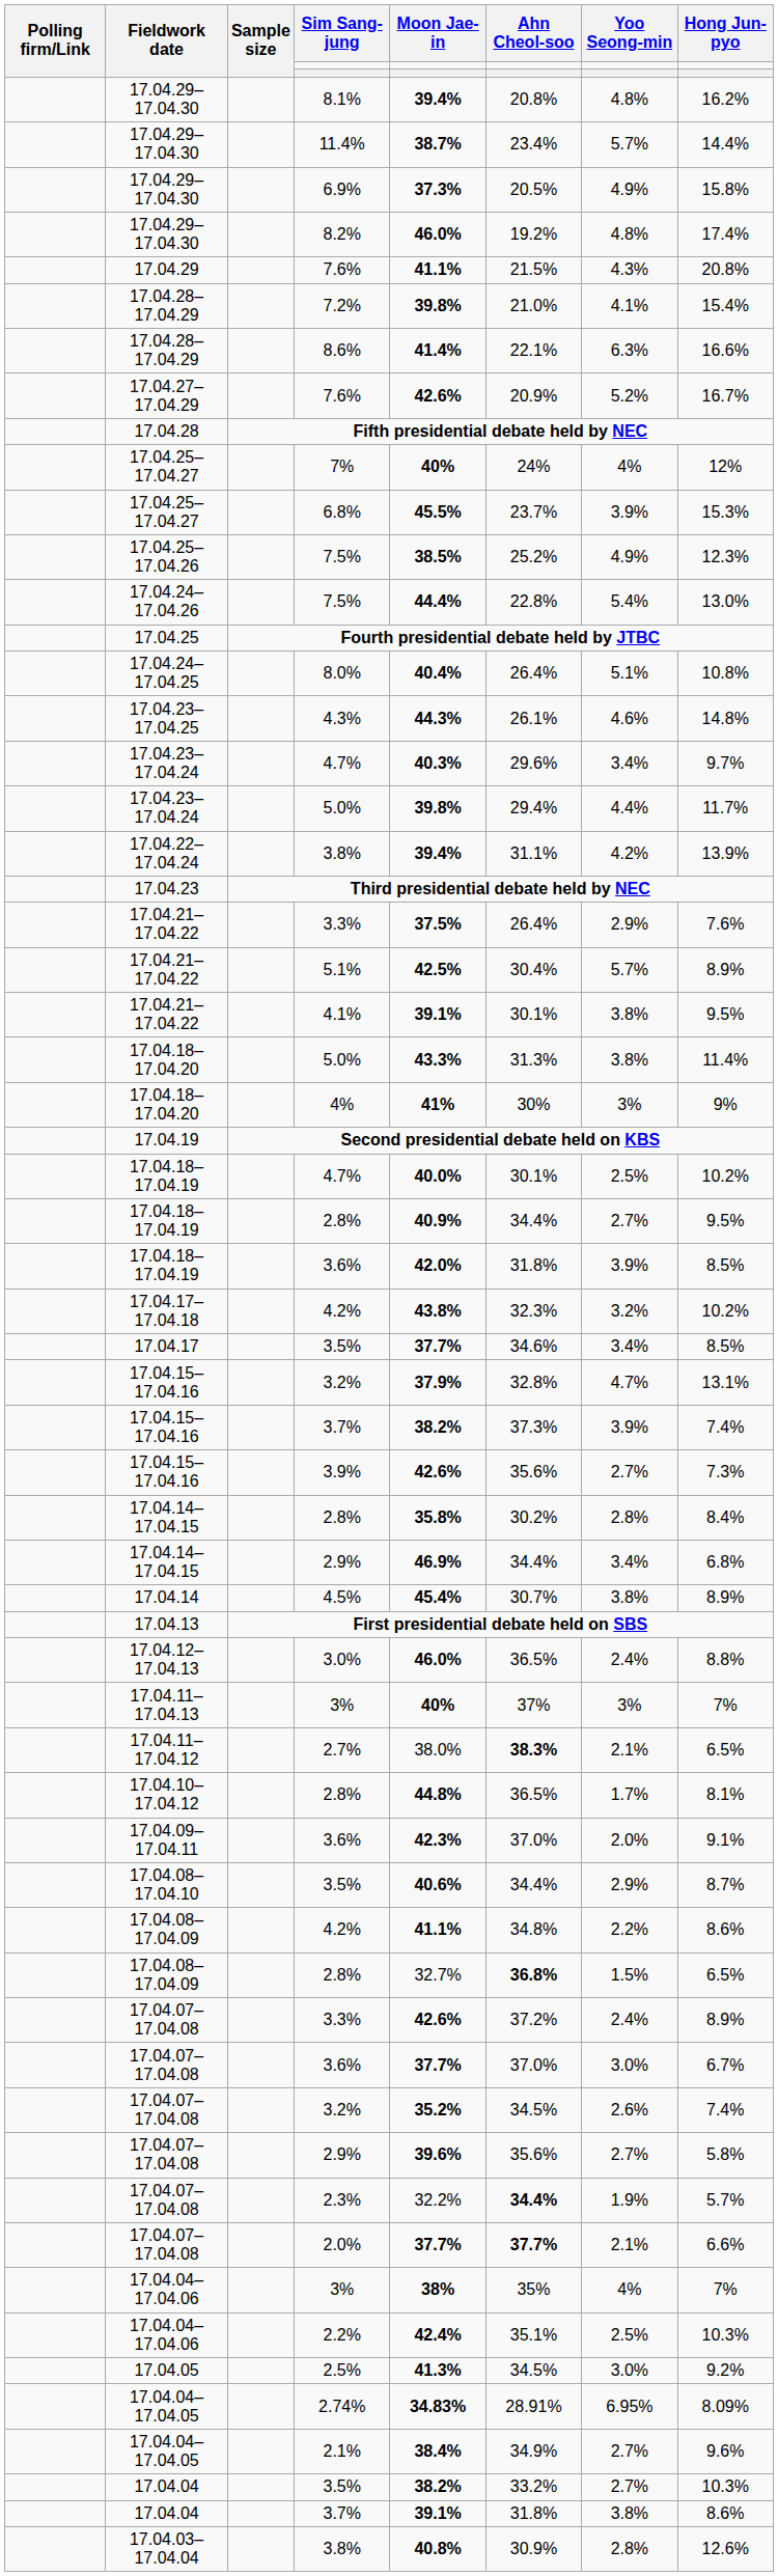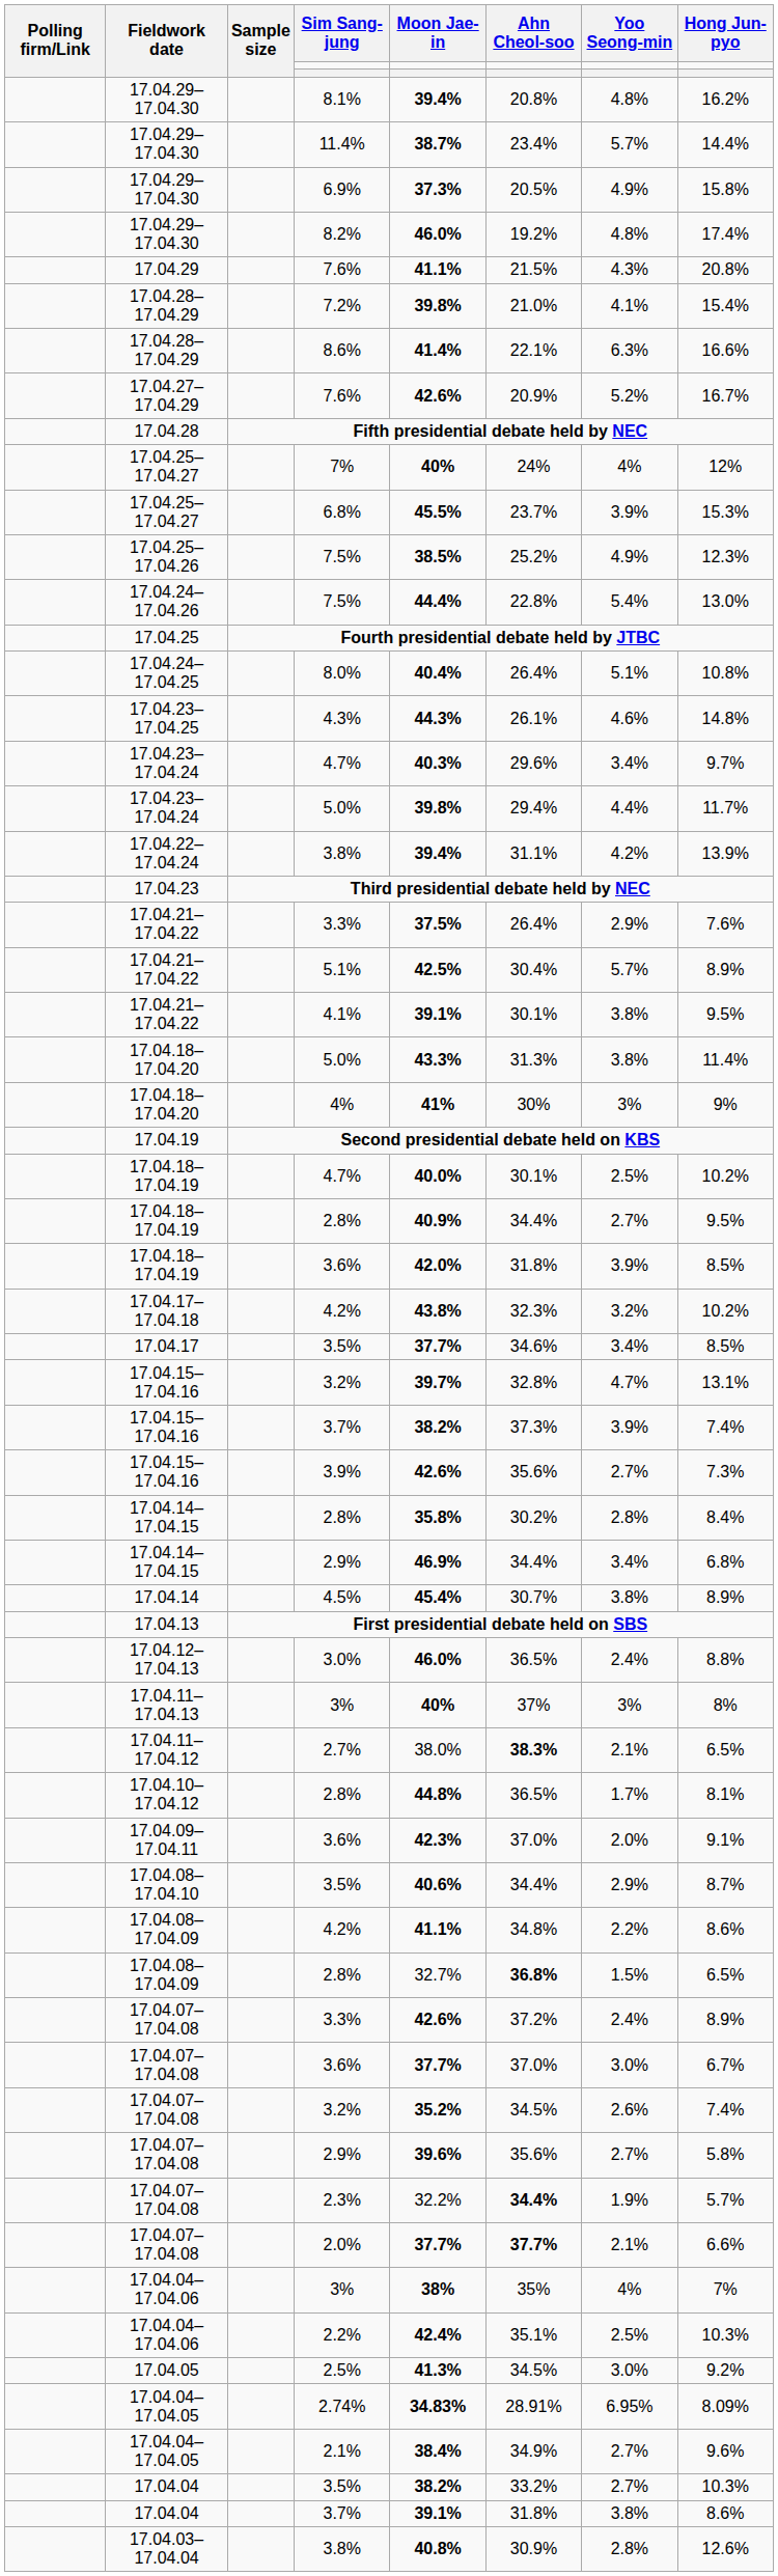 <table class="wikitable mw-collapsible mw-collapsed" style="text-align:center">
 <tr style="height:55px; background:#e9e9e9;">
 <th style="width:90px;" rowspan="3">Polling firm/Link</th>
 <th style="width:110px;" rowspan="3">Fieldwork date</th>
 <th style="width:35px;" rowspan="3">Sample<br>size</th>
 <th style="width:85px;"><a href='#'>Sim Sang-jung</a></th>
 <th style="width:85px;"><a href='#'>Moon Jae-in</a></th>
 <th style="width:85px;"><a href='#'>Ahn Cheol-soo</a></th>
 <th style="width:85px;"><a href='#'>Yoo Seong-min</a></th>
 <th style="width:85px;"><a href='#'>Hong Jun-pyo</a></th>
 </tr>
 <tr>
 <td></td>
 <td></td>
 <td></td>
 <td></td>
 <td></td>
 </tr>
 <tr>
 <th></th>
 <th></th>
 <th></th>
 <th></th>
 <th></th>
 </tr>
 <tr>
 <td></td>
 <td>17.04.29–17.04.30</td>
 <td></td>
 <td>8.1%</td>
 <td><strong>39.4%</strong></td>
 <td>20.8%</td>
 <td>4.8%</td>
 <td>16.2%</td>
 </tr>
 <tr>
 <td></td>
 <td>17.04.29–17.04.30</td>
 <td></td>
 <td>11.4%</td>
 <td><strong>38.7%</strong></td>
 <td>23.4%</td>
 <td>5.7%</td>
 <td>14.4%</td>
 </tr>
 <tr>
 <td></td>
 <td>17.04.29–17.04.30</td>
 <td></td>
 <td>6.9%</td>
 <td><strong>37.3%</strong></td>
 <td>20.5%</td>
 <td>4.9%</td>
 <td>15.8%</td>
 </tr>
 <tr>
 <td></td>
 <td>17.04.29–17.04.30</td>
 <td></td>
 <td>8.2%</td>
 <td><strong>46.0%</strong></td>
 <td>19.2%</td>
 <td>4.8%</td>
 <td>17.4%</td>
 </tr>
 <tr>
 <td></td>
 <td>17.04.29</td>
 <td></td>
 <td>7.6%</td>
 <td><strong>41.1%</strong></td>
 <td>21.5%</td>
 <td>4.3%</td>
 <td>20.8%</td>
 </tr>
 <tr>
 <td></td>
 <td>17.04.28–17.04.29</td>
 <td></td>
 <td>7.2%</td>
 <td><strong>39.8%</strong></td>
 <td>21.0%</td>
 <td>4.1%</td>
 <td>15.4%</td>
 </tr>
 <tr>
 <td> </td>
 <td>17.04.28–17.04.29</td>
 <td></td>
 <td>8.6%</td>
 <td><strong>41.4%</strong></td>
 <td>22.1%</td>
 <td>6.3%</td>
 <td>16.6%</td>
 </tr>
 <tr>
 <td></td>
 <td>17.04.27–17.04.29</td>
 <td></td>
 <td>7.6%</td>
 <td><strong>42.6%</strong></td>
 <td>20.9%</td>
 <td>5.2%</td>
 <td>16.7%</td>
 </tr>
 <tr>
 <td></td>
 <td>17.04.28</td>
 <td colspan="11"><strong>Fifth presidential debate held by <a href='#'>NEC</a></strong></td>
 </tr>
 <tr>
 <td></td>
 <td>17.04.25–17.04.27</td>
 <td></td>
 <td>7%</td>
 <td><strong>40%</strong></td>
 <td>24%</td>
 <td>4%</td>
 <td>12%</td>
 </tr>
 <tr>
 <td></td>
 <td>17.04.25–17.04.27</td>
 <td></td>
 <td>6.8%</td>
 <td><strong>45.5%</strong></td>
 <td>23.7%</td>
 <td>3.9%</td>
 <td>15.3%</td>
 </tr>
 <tr>
 <td></td>
 <td>17.04.25–17.04.26</td>
 <td></td>
 <td>7.5%</td>
 <td><strong>38.5%</strong></td>
 <td>25.2%</td>
 <td>4.9%</td>
 <td>12.3%</td>
 </tr>
 <tr>
 <td></td>
 <td>17.04.24–17.04.26</td>
 <td></td>
 <td>7.5%</td>
 <td><strong>44.4%</strong></td>
 <td>22.8%</td>
 <td>5.4%</td>
 <td>13.0%</td>
 </tr>
 <tr>
 <td></td>
 <td>17.04.25</td>
 <td colspan="11"><strong>Fourth presidential debate held by <a href='#'>JTBC</a></strong></td>
 </tr>
 <tr>
 <td></td>
 <td>17.04.24–17.04.25</td>
 <td></td>
 <td>8.0%</td>
 <td><strong>40.4%</strong></td>
 <td>26.4%</td>
 <td>5.1%</td>
 <td>10.8%</td>
 </tr>
 <tr>
 <td></td>
 <td>17.04.23–17.04.25</td>
 <td></td>
 <td>4.3%</td>
 <td><strong>44.3%</strong></td>
 <td>26.1%</td>
 <td>4.6%</td>
 <td>14.8%</td>
 </tr>
 <tr>
 <td></td>
 <td>17.04.23–17.04.24</td>
 <td></td>
 <td>4.7%</td>
 <td><strong>40.3%</strong></td>
 <td>29.6%</td>
 <td>3.4%</td>
 <td>9.7%</td>
 </tr>
 <tr>
 <td></td>
 <td>17.04.23–17.04.24</td>
 <td></td>
 <td>5.0%</td>
 <td><strong>39.8%</strong></td>
 <td>29.4%</td>
 <td>4.4%</td>
 <td>11.7%</td>
 </tr>
 <tr>
 <td></td>
 <td>17.04.22–17.04.24</td>
 <td></td>
 <td>3.8%</td>
 <td><strong>39.4%</strong></td>
 <td>31.1%</td>
 <td>4.2%</td>
 <td>13.9%</td>
 </tr>
 <tr>
 <td></td>
 <td>17.04.23</td>
 <td colspan="11"><strong>Third presidential debate held by <a href='#'>NEC</a></strong></td>
 </tr>
 <tr>
 <td></td>
 <td>17.04.21–17.04.22</td>
 <td></td>
 <td>3.3%</td>
 <td><strong>37.5%</strong></td>
 <td>26.4%</td>
 <td>2.9%</td>
 <td>7.6%</td>
 </tr>
 <tr>
 <td> </td>
 <td>17.04.21–17.04.22</td>
 <td></td>
 <td>5.1%</td>
 <td><strong>42.5%</strong></td>
 <td>30.4%</td>
 <td>5.7%</td>
 <td>8.9%</td>
 </tr>
 <tr>
 <td></td>
 <td>17.04.21–17.04.22</td>
 <td></td>
 <td>4.1%</td>
 <td><strong>39.1%</strong></td>
 <td>30.1%</td>
 <td>3.8%</td>
 <td>9.5%</td>
 </tr>
 <tr>
 <td></td>
 <td>17.04.18–17.04.20</td>
 <td></td>
 <td>5.0%</td>
 <td><strong>43.3%</strong></td>
 <td>31.3%</td>
 <td>3.8%</td>
 <td>11.4%</td>
 </tr>
 <tr>
 <td></td>
 <td>17.04.18–17.04.20</td>
 <td></td>
 <td>4%</td>
 <td><strong>41%</strong></td>
 <td>30%</td>
 <td>3%</td>
 <td>9%</td>
 </tr>
 <tr>
 <td></td>
 <td>17.04.19</td>
 <td colspan="11"><strong>Second presidential debate held on <a href='#'>KBS</a></strong></td>
 </tr>
 <tr>
 <td></td>
 <td>17.04.18–17.04.19</td>
 <td></td>
 <td>4.7%</td>
 <td><strong>40.0%</strong></td>
 <td>30.1%</td>
 <td>2.5%</td>
 <td>10.2%</td>
 </tr>
 <tr>
 <td></td>
 <td>17.04.18–17.04.19</td>
 <td></td>
 <td>2.8%</td>
 <td><strong>40.9%</strong></td>
 <td>34.4%</td>
 <td>2.7%</td>
 <td>9.5%</td>
 </tr>
 <tr>
 <td></td>
 <td>17.04.18–17.04.19</td>
 <td></td>
 <td>3.6%</td>
 <td><strong>42.0%</strong></td>
 <td>31.8%</td>
 <td>3.9%</td>
 <td>8.5%</td>
 </tr>
 <tr>
 <td></td>
 <td>17.04.17–17.04.18</td>
 <td></td>
 <td>4.2%</td>
 <td><strong>43.8%</strong></td>
 <td>32.3%</td>
 <td>3.2%</td>
 <td>10.2%</td>
 </tr>
 <tr>
 <td></td>
 <td>17.04.17</td>
 <td></td>
 <td>3.5%</td>
 <td><strong>37.7%</strong></td>
 <td>34.6%</td>
 <td>3.4%</td>
 <td>8.5%</td>
 </tr>
 <tr>
 <td></td>
 <td>17.04.15–17.04.16</td>
 <td></td>
 <td>3.2%</td>
-<td><strong>37.9%</strong></td>
+<td><strong>39.7%</strong></td>
 <td>32.8%</td>
 <td>4.7%</td>
 <td>13.1%</td>
 </tr>
 <tr>
 <td></td>
 <td>17.04.15–17.04.16</td>
 <td></td>
 <td>3.7%</td>
 <td><strong>38.2%</strong></td>
 <td>37.3%</td>
 <td>3.9%</td>
 <td>7.4%</td>
 </tr>
 <tr>
 <td></td>
 <td>17.04.15–17.04.16</td>
 <td></td>
 <td>3.9%</td>
 <td><strong>42.6%</strong></td>
 <td>35.6%</td>
 <td>2.7%</td>
 <td>7.3%</td>
 </tr>
 <tr>
 <td></td>
 <td>17.04.14–17.04.15</td>
 <td></td>
 <td>2.8%</td>
 <td><strong>35.8%</strong></td>
 <td>30.2%</td>
 <td>2.8%</td>
 <td>8.4%</td>
 </tr>
 <tr>
 <td></td>
 <td>17.04.14–17.04.15</td>
 <td></td>
 <td>2.9%</td>
 <td><strong>46.9%</strong></td>
 <td>34.4%</td>
 <td>3.4%</td>
 <td>6.8%</td>
 </tr>
 <tr>
 <td> </td>
 <td>17.04.14</td>
 <td></td>
 <td>4.5%</td>
 <td><strong>45.4%</strong></td>
 <td>30.7%</td>
 <td>3.8%</td>
 <td>8.9%</td>
 </tr>
 <tr>
 <td></td>
 <td>17.04.13</td>
 <td colspan="11"><strong>First presidential debate held on <a href='#'>SBS</a></strong></td>
 </tr>
 <tr>
 <td></td>
 <td>17.04.12–17.04.13</td>
 <td></td>
 <td>3.0%</td>
 <td><strong>46.0%</strong></td>
 <td>36.5%</td>
 <td>2.4%</td>
 <td>8.8%</td>
 </tr>
 <tr>
 <td></td>
 <td>17.04.11–17.04.13</td>
 <td></td>
 <td>3%</td>
 <td><strong>40%</strong></td>
 <td>37%</td>
 <td>3%</td>
-<td>7%</td>
+<td>8%</td>
 </tr>
 <tr>
 <td></td>
 <td>17.04.11–17.04.12</td>
 <td></td>
 <td>2.7%</td>
 <td>38.0%</td>
 <td style="background:"><strong>38.3%</strong></td>
 <td>2.1%</td>
 <td>6.5%</td>
 </tr>
 <tr>
 <td></td>
 <td>17.04.10–17.04.12</td>
 <td></td>
 <td>2.8%</td>
 <td><strong>44.8%</strong></td>
 <td>36.5%</td>
 <td>1.7%</td>
 <td>8.1%</td>
 </tr>
 <tr>
 <td></td>
 <td>17.04.09–17.04.11</td>
 <td></td>
 <td>3.6%</td>
 <td><strong>42.3%</strong></td>
 <td>37.0%</td>
 <td>2.0%</td>
 <td>9.1%</td>
 </tr>
 <tr>
 <td></td>
 <td>17.04.08–17.04.10</td>
 <td></td>
 <td>3.5%</td>
 <td><strong>40.6%</strong></td>
 <td>34.4%</td>
 <td>2.9%</td>
 <td>8.7%</td>
 </tr>
 <tr>
 <td> </td>
 <td>17.04.08–17.04.09</td>
 <td></td>
 <td>4.2%</td>
 <td><strong>41.1%</strong></td>
 <td>34.8%</td>
 <td>2.2%</td>
 <td>8.6%</td>
 </tr>
 <tr>
 <td></td>
 <td>17.04.08–17.04.09</td>
 <td></td>
 <td>2.8%</td>
 <td>32.7%</td>
 <td style="background:"><strong>36.8%</strong></td>
 <td>1.5%</td>
 <td>6.5%</td>
 </tr>
 <tr>
 <td></td>
 <td>17.04.07–17.04.08</td>
 <td></td>
 <td>3.3%</td>
 <td><strong>42.6%</strong></td>
 <td>37.2%</td>
 <td>2.4%</td>
 <td>8.9%</td>
 </tr>
 <tr>
 <td></td>
 <td>17.04.07–17.04.08</td>
 <td></td>
 <td>3.6%</td>
 <td><strong>37.7%</strong></td>
 <td>37.0%</td>
 <td>3.0%</td>
 <td>6.7%</td>
 </tr>
 <tr>
 <td></td>
 <td>17.04.07–17.04.08</td>
 <td></td>
 <td>3.2%</td>
 <td><strong>35.2%</strong></td>
 <td>34.5%</td>
 <td>2.6%</td>
 <td>7.4%</td>
 </tr>
 <tr>
 <td> </td>
 <td>17.04.07–17.04.08</td>
 <td></td>
 <td>2.9%</td>
 <td><strong>39.6%</strong></td>
 <td>35.6%</td>
 <td>2.7%</td>
 <td>5.8%</td>
 </tr>
 <tr>
 <td></td>
 <td>17.04.07–17.04.08</td>
 <td></td>
 <td>2.3%</td>
 <td>32.2%</td>
 <td style="background:"><strong>34.4%</strong></td>
 <td>1.9%</td>
 <td>5.7%</td>
 </tr>
 <tr>
 <td></td>
 <td>17.04.07–17.04.08</td>
 <td></td>
 <td>2.0%</td>
 <td><strong>37.7%</strong></td>
 <td style="background:"><strong>37.7%</strong></td>
 <td>2.1%</td>
 <td>6.6%</td>
 </tr>
 <tr>
 <td></td>
 <td>17.04.04–17.04.06</td>
 <td></td>
 <td>3%</td>
 <td><strong>38%</strong></td>
 <td>35%</td>
 <td>4%</td>
 <td>7%</td>
 </tr>
 <tr>
 <td></td>
 <td>17.04.04–17.04.06</td>
 <td></td>
 <td>2.2%</td>
 <td><strong>42.4%</strong></td>
 <td>35.1%</td>
 <td>2.5%</td>
 <td>10.3%</td>
 </tr>
 <tr>
 <td></td>
 <td>17.04.05</td>
 <td></td>
 <td>2.5%</td>
 <td><strong>41.3%</strong></td>
 <td>34.5%</td>
 <td>3.0%</td>
 <td>9.2%</td>
 </tr>
 <tr>
 <td></td>
 <td>17.04.04–17.04.05</td>
 <td></td>
 <td>2.74%</td>
 <td><strong>34.83%</strong></td>
 <td>28.91%</td>
 <td>6.95%</td>
 <td>8.09%</td>
 </tr>
 <tr>
 <td></td>
 <td>17.04.04–17.04.05</td>
 <td></td>
 <td>2.1%</td>
 <td><strong>38.4%</strong></td>
 <td>34.9%</td>
 <td>2.7%</td>
 <td>9.6%</td>
 </tr>
 <tr>
 <td></td>
 <td>17.04.04</td>
 <td></td>
 <td>3.5%</td>
 <td><strong>38.2%</strong></td>
 <td>33.2%</td>
 <td>2.7%</td>
 <td>10.3%</td>
 </tr>
 <tr>
 <td></td>
 <td>17.04.04</td>
 <td></td>
 <td>3.7%</td>
 <td><strong>39.1%</strong></td>
 <td>31.8%</td>
 <td>3.8%</td>
 <td>8.6%</td>
 </tr>
 <tr>
 <td></td>
 <td>17.04.03–17.04.04</td>
 <td></td>
 <td>3.8%</td>
 <td><strong>40.8%</strong></td>
 <td>30.9%</td>
 <td>2.8%</td>
 <td>12.6%</td>
 </tr>
 <tr>
 </tr>
 </table>
